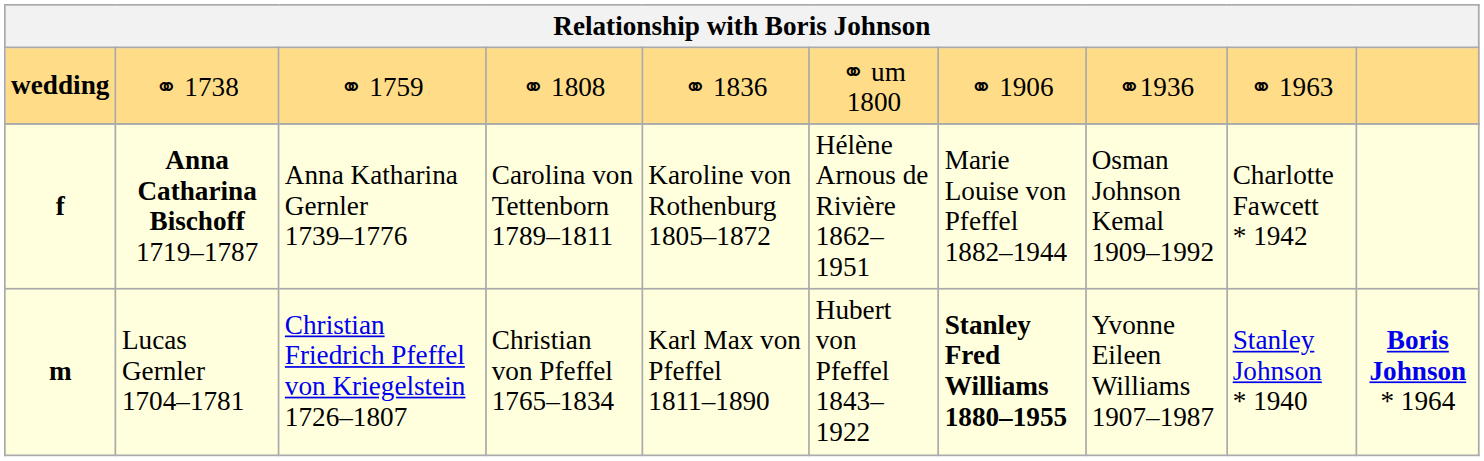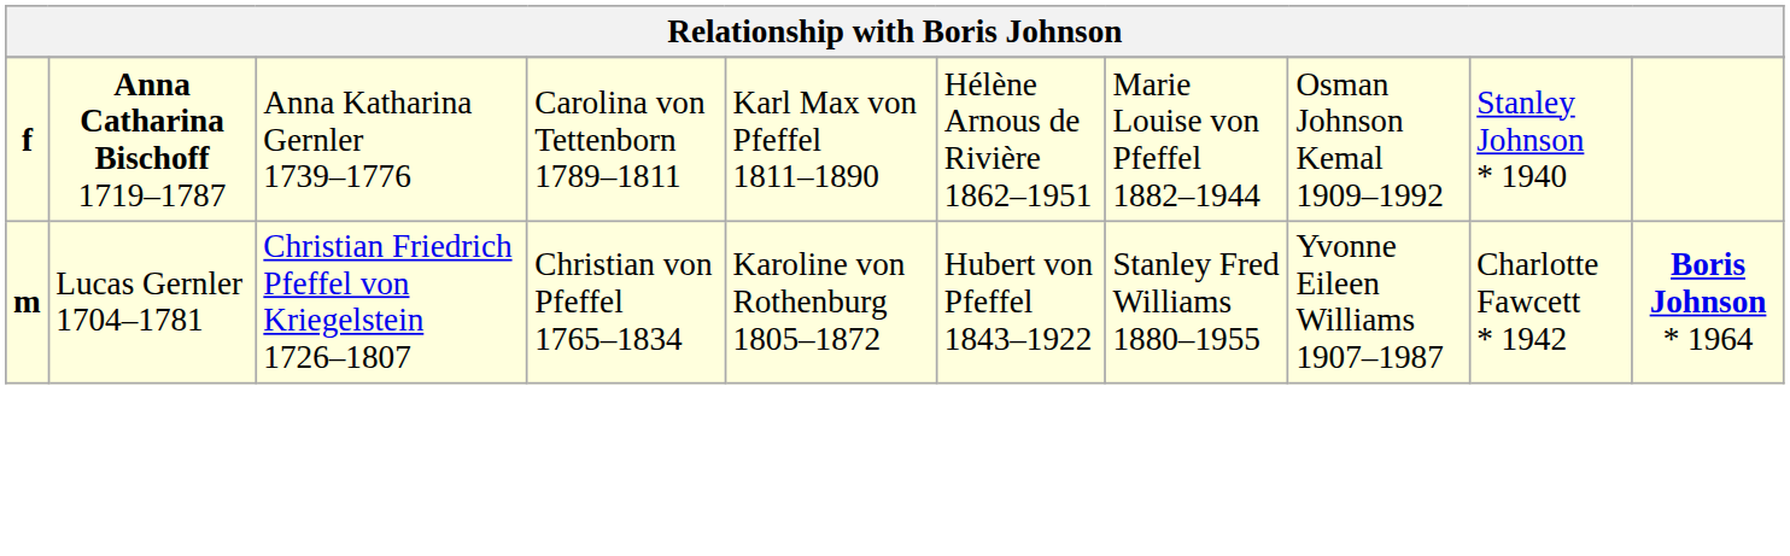 <table class="wikitable">
 <tr>
 <th colspan="10">Relationship with Boris Johnson</th>
-</tr>
-<tr bgcolor="FFDD88"align="center">
-<td align=left><strong>wedding</strong></td>
-<td>⚭ 1738</td>
-<td>⚭ 1759</td>
-<td>⚭ 1808</td>
-<td>⚭ 1836</td>
-<td>⚭ um 1800</td>
-<td>⚭ 1906</td>
-<td>⚭1936</td>
-<td>⚭ 1963</td>
-<td></td>
 </tr>
 <tr align=left>
 </tr>
 <tr bgcolor="FFFFDD">
 <td align=center><strong>f</strong></td>
 <td class="hintergrundfarbe7" style="text-align:center;"><strong>Anna Catharina Bischoff</strong><br>1719–1787</td>
 <td>Anna Katharina Gernler<br>1739–1776</td>
 <td>Carolina von Tettenborn<br>1789–1811</td>
-<td>Karoline von Rothenburg<br>1805–1872</td>
+<td>Karl Max von Pfeffel<br>1811–1890</td>
 <td>Hélène Arnous de Rivière<br>1862–1951</td>
 <td>Marie Louise von Pfeffel<br>1882–1944</td>
 <td>Osman Johnson Kemal<br>1909–1992</td>
-<td>Charlotte Fawcett<br>* 1942</td>
+<td><a href='#'>Stanley Johnson</a><br>* 1940</td>
 <td></td>
 </tr>
 <tr bgcolor="FFFFDD">
 <td align=center><strong>m</strong></td>
 <td>Lucas Gernler <br>1704–1781</td>
 <td><a href='#'>Christian Friedrich Pfeffel von Kriegelstein</a><br>1726–1807</td>
 <td>Christian von Pfeffel<br>1765–1834</td>
-<td>Karl Max von Pfeffel<br>1811–1890</td>
+<td>Karoline von Rothenburg<br>1805–1872</td>
 <td>Hubert von Pfeffel<br>1843–1922</td>
-<td><strong>Stanley Fred Williams<br>1880–1955</strong></td>
+<td>Stanley Fred Williams<br>1880–1955</td>
 <td>Yvonne Eileen Williams<br>1907–1987</td>
-<td><a href='#'>Stanley Johnson</a><br>* 1940</td>
+<td>Charlotte Fawcett<br>* 1942</td>
 <td class="hintergrundfarbe7" style="text-align:center;"><strong><a href='#'>Boris Johnson</a></strong><br>* 1964</td>
 </tr>
 </table>
